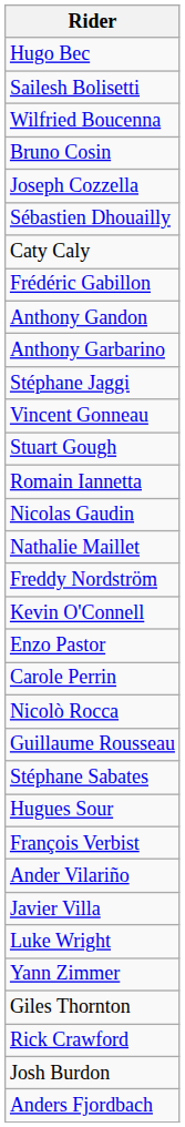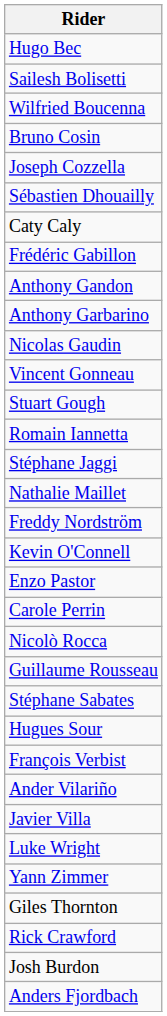 <table class="wikitable" style="font-size: 85%;">
 <tr>
 <th>Rider</th>
 </tr>
 <tr>
 <td> <a href='#'>Hugo Bec</a></td>
 </tr>
 <tr>
 <td> <a href='#'>Sailesh Bolisetti</a></td>
 </tr>
 <tr>
 <td> <a href='#'>Wilfried Boucenna</a></td>
 </tr>
 <tr>
 <td> <a href='#'>Bruno Cosin</a></td>
 </tr>
 <tr>
 <td> <a href='#'>Joseph Cozzella</a></td>
 </tr>
 <tr>
 <td> <a href='#'>Sébastien Dhouailly</a></td>
 </tr>
 <tr>
 <td> Caty Caly</td>
 </tr>
 <tr>
 <td> <a href='#'>Frédéric Gabillon</a></td>
 </tr>
 <tr>
 <td> <a href='#'>Anthony Gandon</a></td>
 </tr>
 <tr>
 <td> <a href='#'>Anthony Garbarino</a></td>
 </tr>
 <tr>
-<td> <a href='#'>Stéphane Jaggi</a></td>
+<td> <a href='#'>Nicolas Gaudin</a></td>
 </tr>
 <tr>
 <td> <a href='#'>Vincent Gonneau</a></td>
 </tr>
 <tr>
 <td> <a href='#'>Stuart Gough</a></td>
 </tr>
 <tr>
 <td> <a href='#'>Romain Iannetta</a></td>
 </tr>
 <tr>
-<td> <a href='#'>Nicolas Gaudin</a></td>
+<td> <a href='#'>Stéphane Jaggi</a></td>
 </tr>
 <tr>
 <td> <a href='#'>Nathalie Maillet</a></td>
 </tr>
 <tr>
 <td> <a href='#'>Freddy Nordström</a></td>
 </tr>
 <tr>
 <td> <a href='#'>Kevin O'Connell</a></td>
 </tr>
 <tr>
 <td> <a href='#'>Enzo Pastor</a></td>
 </tr>
 <tr>
 <td> <a href='#'>Carole Perrin</a></td>
 </tr>
 <tr>
 <td> <a href='#'>Nicolò Rocca</a></td>
 </tr>
 <tr>
 <td> <a href='#'>Guillaume Rousseau</a></td>
 </tr>
 <tr>
 <td> <a href='#'>Stéphane Sabates</a></td>
 </tr>
 <tr>
 <td> <a href='#'>Hugues Sour</a></td>
 </tr>
 <tr>
 <td> <a href='#'>François Verbist</a></td>
 </tr>
 <tr>
 <td> <a href='#'>Ander Vilariño</a></td>
 </tr>
 <tr>
 <td> <a href='#'>Javier Villa</a></td>
 </tr>
 <tr>
 <td> <a href='#'>Luke Wright</a></td>
 </tr>
 <tr>
 <td> <a href='#'>Yann Zimmer</a></td>
 </tr>
 <tr>
 <td> Giles Thornton</td>
 </tr>
 <tr>
 <td> <a href='#'>Rick Crawford</a></td>
 </tr>
 <tr>
 <td> Josh Burdon</td>
 </tr>
 <tr>
 <td> <a href='#'>Anders Fjordbach</a></td>
 </tr>
 <tr>
 </tr>
 </table>
